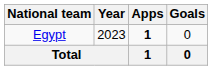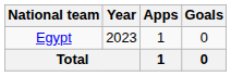 <table class = "wikitable" style = "text-align:center">
 <tr>
 <th>National team</th>
 <th>Year</th>
 <th>Apps</th>
 <th>Goals</th>
 </tr>
 <tr>
 <td><a href='#'>Egypt</a></td>
 <td>2023</td>
-<td><strong>1</strong></td>
+<td>1</td>
 <td>0</td>
 </tr>
 <tr>
 <th colspan="2">Total</th>
 <th>1</th>
 <th>0</th>
 </tr>
 </table>
